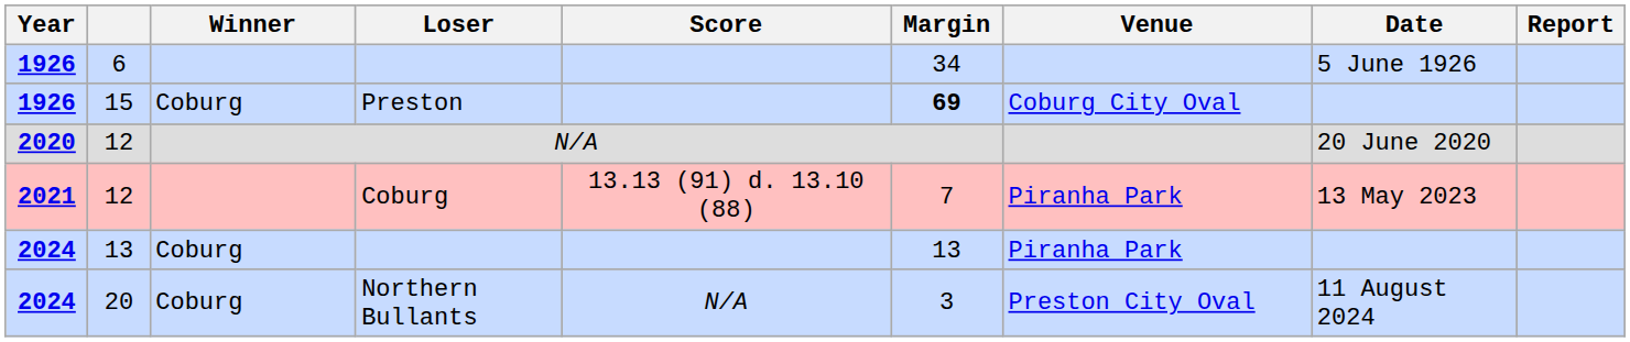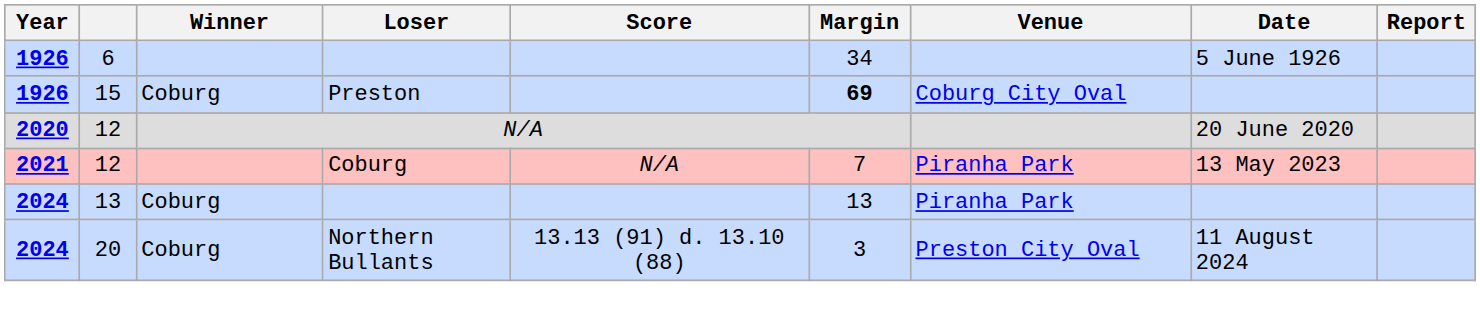 <table class="wikitable sortable" style="text-align:left; text-valign:center">
 <tr>
 <th width=3%>Year</th>
 <th width=3%; class=unsortable></th>
 <th width=10%>Winner</th>
 <th width=10%>Loser</th>
 <th width=16%>Score</th>
 <th width=3%>Margin</th>
 <th width=15%>Venue</th>
 <th width=10%; class=unsortable>Date</th>
 <th width=2%; class=unsortable>Report</th>
 </tr>
 <tr style="background:#C7DBFF;">
 <td align=center><strong><a href='#'>1926</a></strong></td>
 <td align=center>6</td>
 <td></td>
 <td></td>
 <td align=center></td>
 <td align=center>34</td>
 <td></td>
 <td>5 June 1926</td>
 <td align=center></td>
 </tr>
 <tr style="background:#C7DBFF;">
 <td align=center><strong><a href='#'>1926</a></strong></td>
 <td align=center>15</td>
 <td>Coburg </td>
 <td>Preston </td>
 <td align=center></td>
 <td align=center><strong>69</strong></td>
 <td><a href='#'>Coburg City Oval</a></td>
 <td></td>
 <td align=center></td>
 </tr>
 <tr style="background:#DDDDDD;">
 <td align=center><strong><a href='#'>2020</a></strong></td>
 <td align=center>12</td>
 <td colspan=4; align=center><em>N/A</em></td>
 <td></td>
 <td>20 June 2020</td>
 <td align=center></td>
 </tr>
 <tr style="background:#FFC0C0;">
 <td align=center><strong><a href='#'>2021</a></strong></td>
 <td align=center>12</td>
 <td></td>
 <td>Coburg</td>
-<td align=center>13.13 (91) d. 13.10 (88)</td>
+<td align=center><em>N/A</em></td>
 <td align=center>7</td>
 <td><a href='#'>Piranha Park</a></td>
 <td>13 May 2023</td>
 <td align=center></td>
 </tr>
 <tr style="background:#C7DBFF;">
 <td align=center><strong><a href='#'>2024</a></strong></td>
 <td align=center>13</td>
 <td>Coburg</td>
 <td></td>
 <td align=center></td>
 <td align=center>13</td>
 <td><a href='#'>Piranha Park</a></td>
 <td></td>
 <td align=center></td>
 </tr>
 <tr style="background:#C7DBFF;">
 <td align=center><strong><a href='#'>2024</a></strong></td>
 <td align=center>20</td>
 <td>Coburg</td>
 <td>Northern Bullants</td>
-<td align=center><em>N/A</em></td>
+<td align=center>13.13 (91) d. 13.10 (88)</td>
 <td align=center>3</td>
 <td><a href='#'>Preston City Oval</a></td>
 <td>11 August 2024</td>
 <td align=center></td>
 </tr>
 </table>
